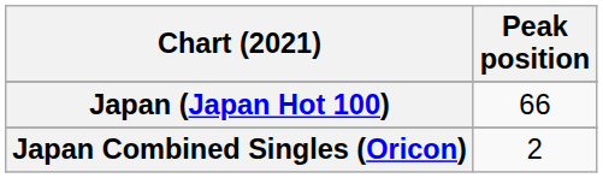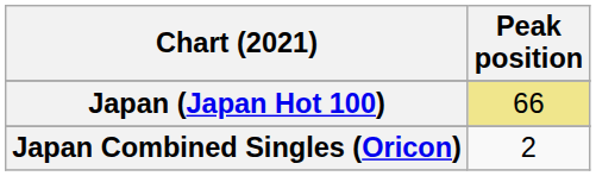 <table class="wikitable sortable plainrowheaders" style="text-align:center">
 <tr>
 <th scope="col">Chart (2021)</th>
 <th scope="col">Peak<br>position</th>
 </tr>
 <tr>
 </tr>
 <tr>
 <th scope="row">Japan (<a href='#'>Japan Hot 100</a>)</th>
-<td>66</td>
+<td style="background: khaki;">66</td>
 </tr>
 <tr>
 </tr>
 <tr>
 <th scope="row">Japan Combined Singles (<a href='#'>Oricon</a>)<br></th>
 <td>2</td>
 </tr>
 </table>
